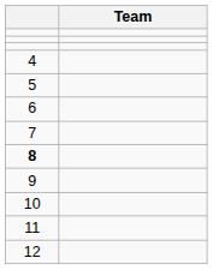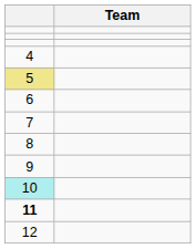 <table class=wikitable>
 <tr>
 <th width=50></th>
 <th width=150>Team</th>
 </tr>
 <tr>
 <td align=center></td>
 <td></td>
 </tr>
 <tr>
 <td align=center></td>
 <td></td>
 </tr>
 <tr>
 <td align=center></td>
 <td></td>
 </tr>
 <tr>
 <td align=center>4</td>
 <td></td>
 </tr>
 <tr>
-<td align=center>5</td>
+<td align=center style="background: khaki;">5</td>
 <td></td>
 </tr>
 <tr>
 <td align=center>6</td>
 <td></td>
 </tr>
 <tr>
 <td align=center>7</td>
 <td></td>
 </tr>
 <tr>
-<td align=center><strong>8</strong></td>
+<td align=center>8</td>
 <td></td>
 </tr>
 <tr>
 <td align=center>9</td>
 <td></td>
 </tr>
 <tr>
-<td align=center>10</td>
+<td align=center style="background: paleturquoise;">10</td>
 <td></td>
 </tr>
 <tr>
-<td align=center>11</td>
+<td align=center><strong>11</strong></td>
 <td></td>
 </tr>
 <tr>
 <td align=center>12</td>
 <td></td>
 </tr>
 </table>
